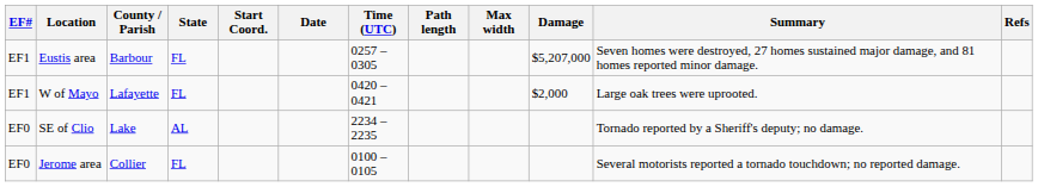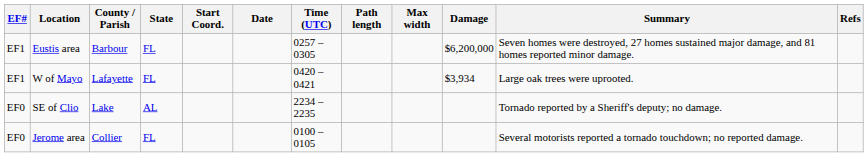 <table class="wikitable sortable" style="width:100%;">
 <tr>
 <th scope="col"  style="width:3%; text-align:center;"><a href='#'>EF#</a></th>
 <th scope="col"  style="width:7%; text-align:center;" class="unsortable">Location</th>
 <th scope="col"  style="width:6%; text-align:center;" class="unsortable">County / Parish</th>
 <th scope="col"  style="width:5%; text-align:center;">State</th>
 <th scope="col"  style="width:6%; text-align:center;">Start Coord.</th>
 <th scope="col"  style="width:7%; text-align:center;">Date</th>
 <th scope="col"  style="width:6%; text-align:center;">Time (<a href='#'>UTC</a>)</th>
 <th scope="col"  style="width:6%; text-align:center;">Path length</th>
 <th scope="col"  style="width:6%; text-align:center;">Max width</th>
 <th scope="col"  style="width:6%; text-align:center;">Damage</th>
 <th scope="col" class="unsortable" style="width:48%; text-align:center;">Summary</th>
 <th scope="col" class="unsortable" style="width:48%; text-align:center;">Refs</th>
 </tr>
 <tr>
 <td>EF1</td>
 <td><a href='#'>Eustis</a> area</td>
 <td><a href='#'>Barbour</a></td>
 <td><a href='#'>FL</a></td>
 <td></td>
 <td></td>
 <td>0257 – 0305</td>
 <td></td>
 <td></td>
-<td>$5,207,000</td>
+<td>$6,200,000</td>
 <td>Seven homes were destroyed, 27 homes sustained major damage, and 81 homes reported minor damage.</td>
 <td></td>
 </tr>
 <tr>
 <td>EF1</td>
 <td>W of <a href='#'>Mayo</a></td>
 <td><a href='#'>Lafayette</a></td>
 <td><a href='#'>FL</a></td>
 <td></td>
 <td></td>
 <td>0420 – 0421</td>
 <td></td>
 <td></td>
-<td>$2,000</td>
+<td>$3,934</td>
 <td>Large oak trees were uprooted.</td>
 <td></td>
 </tr>
 <tr>
 <td>EF0</td>
 <td>SE of <a href='#'>Clio</a></td>
 <td><a href='#'>Lake</a></td>
 <td><a href='#'>AL</a></td>
 <td></td>
 <td></td>
 <td>2234 – 2235</td>
 <td></td>
 <td></td>
 <td></td>
 <td>Tornado reported by a Sheriff's deputy; no damage.</td>
 <td></td>
 </tr>
 <tr>
 <td>EF0</td>
 <td><a href='#'>Jerome</a> area</td>
 <td><a href='#'>Collier</a></td>
 <td><a href='#'>FL</a></td>
 <td></td>
 <td></td>
 <td>0100 – 0105</td>
 <td></td>
 <td></td>
 <td></td>
 <td>Several motorists reported a tornado touchdown; no reported damage.</td>
 <td></td>
 </tr>
 </table>
